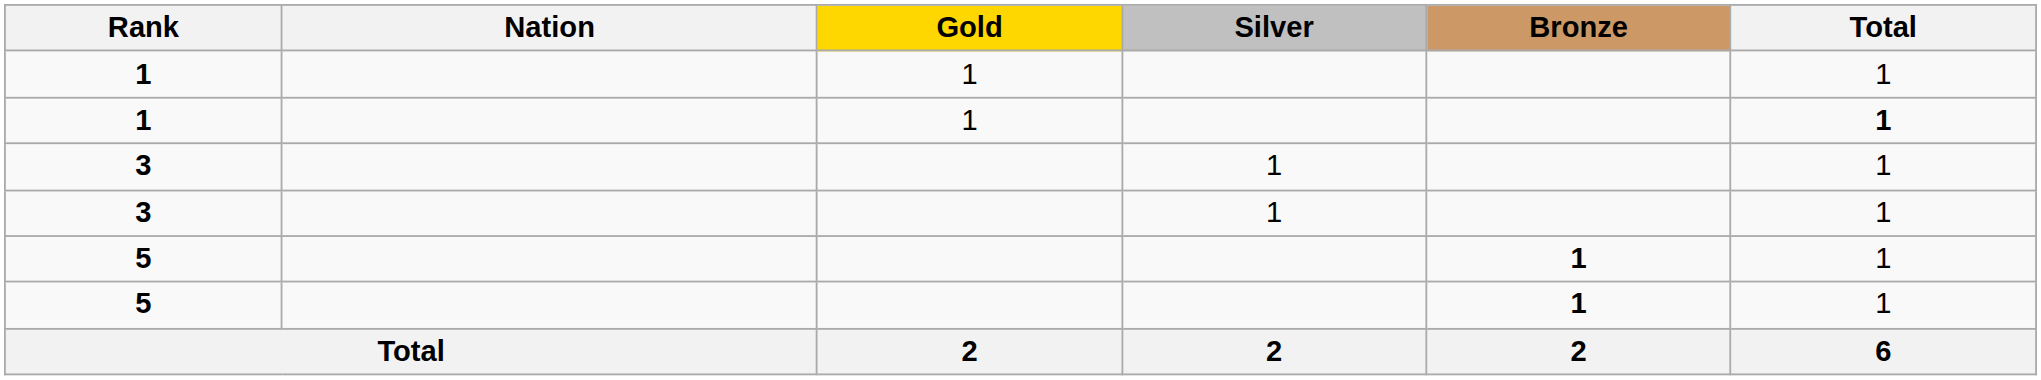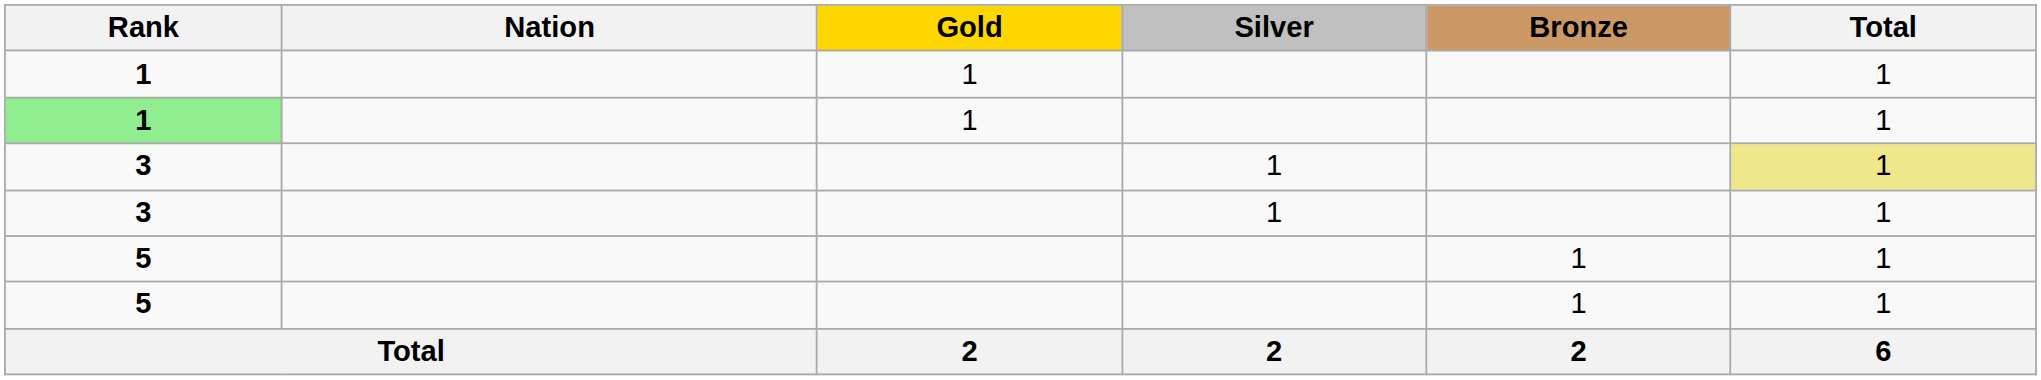 <table class="wikitable collapsible autocollapse plainrowheaders" width=70.5% style="text-align:center;">
 <tr style="background-color:#EDEDED;">
 <th width=100px class="hintergrundfarbe5">Rank</th>
 <th width=200px class="hintergrundfarbe6">Nation</th>
 <th style="background:    gold; width:15%">Gold</th>
 <th style="background:  silver; width:15%">Silver</th>
 <th style="background: #CC9966; width:15%">Bronze</th>
 <th class="hintergrundfarbe6" style="width:15%">Total</th>
 </tr>
 <tr>
 <td><strong>1</strong></td>
 <td align=left></td>
 <td>1</td>
 <td></td>
 <td></td>
 <td>1</td>
 </tr>
 <tr>
-<td><strong>1</strong></td>
+<td style="background: lightgreen;"><strong>1</strong></td>
 <td align=left></td>
 <td>1</td>
 <td></td>
 <td></td>
-<td><strong>1</strong></td>
+<td>1</td>
 </tr>
 <tr>
 <td><strong>3</strong></td>
 <td align=left></td>
 <td></td>
 <td>1</td>
 <td></td>
-<td>1</td>
+<td style="background: khaki;">1</td>
 </tr>
 <tr>
 <td><strong>3</strong></td>
 <td align=left></td>
 <td></td>
 <td>1</td>
 <td></td>
 <td>1</td>
 </tr>
 <tr>
 <td><strong>5</strong></td>
 <td align=left></td>
 <td></td>
 <td></td>
-<td><strong>1</strong></td>
+<td>1</td>
 <td>1</td>
 </tr>
 <tr>
 <td><strong>5</strong></td>
 <td align=left></td>
 <td></td>
 <td></td>
-<td><strong>1</strong></td>
+<td>1</td>
 <td>1</td>
 </tr>
 <tr>
 <th colspan=2>Total</th>
 <th>2</th>
 <th>2</th>
 <th>2</th>
 <th>6</th>
 </tr>
 </table>
